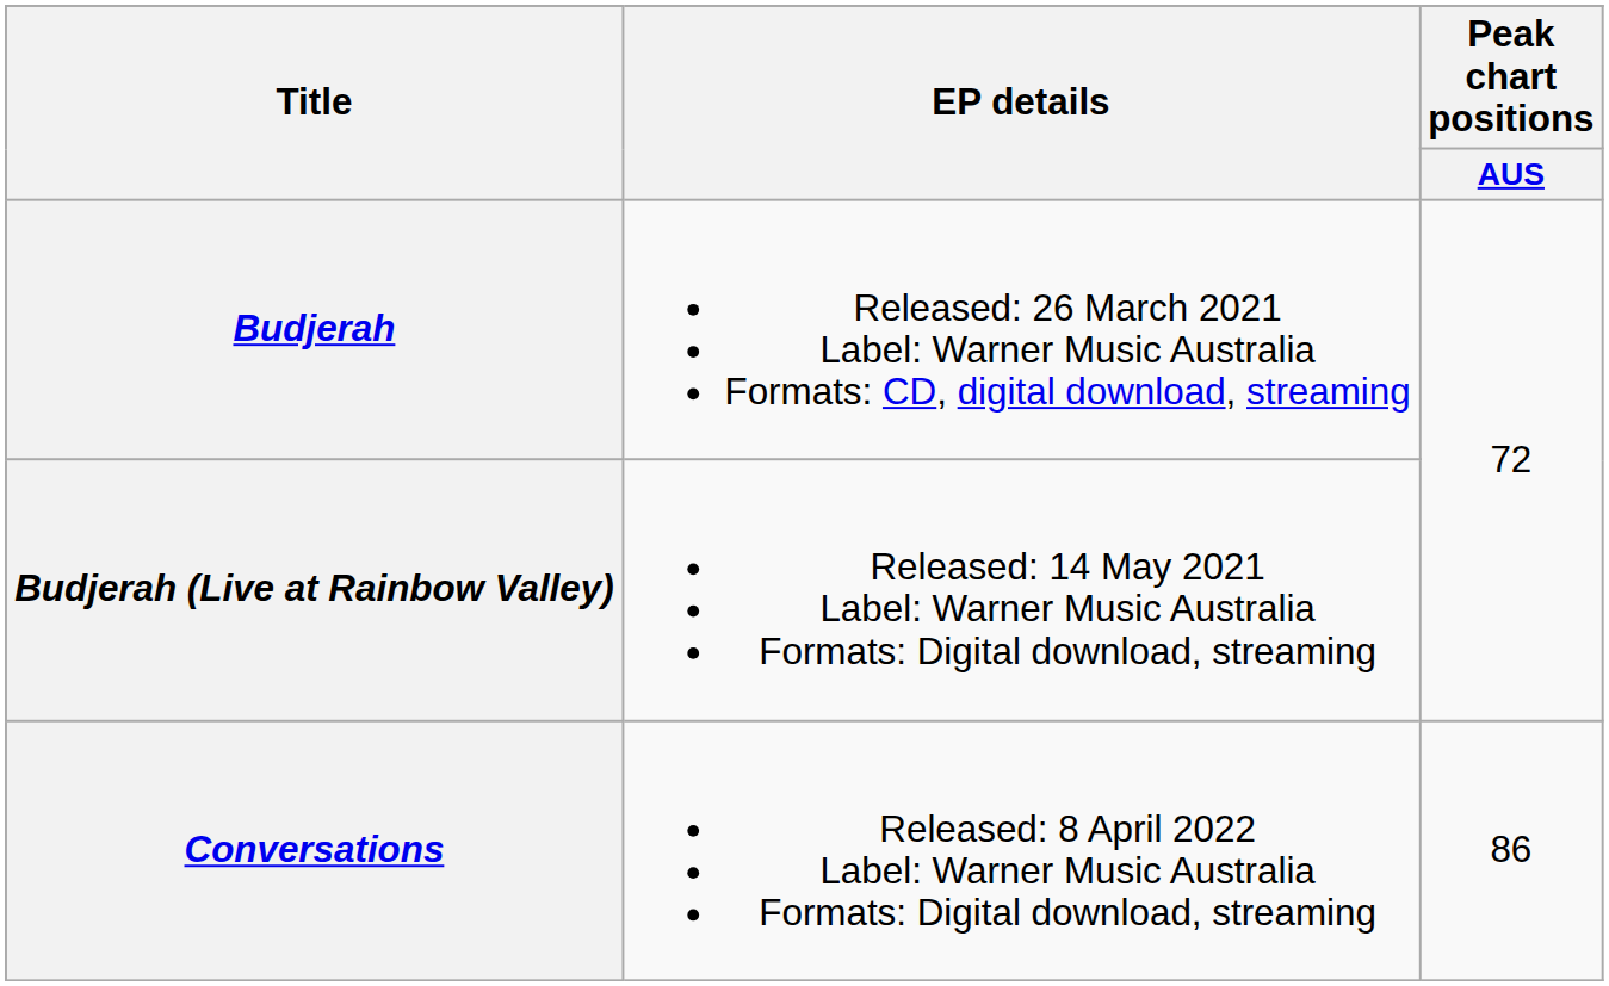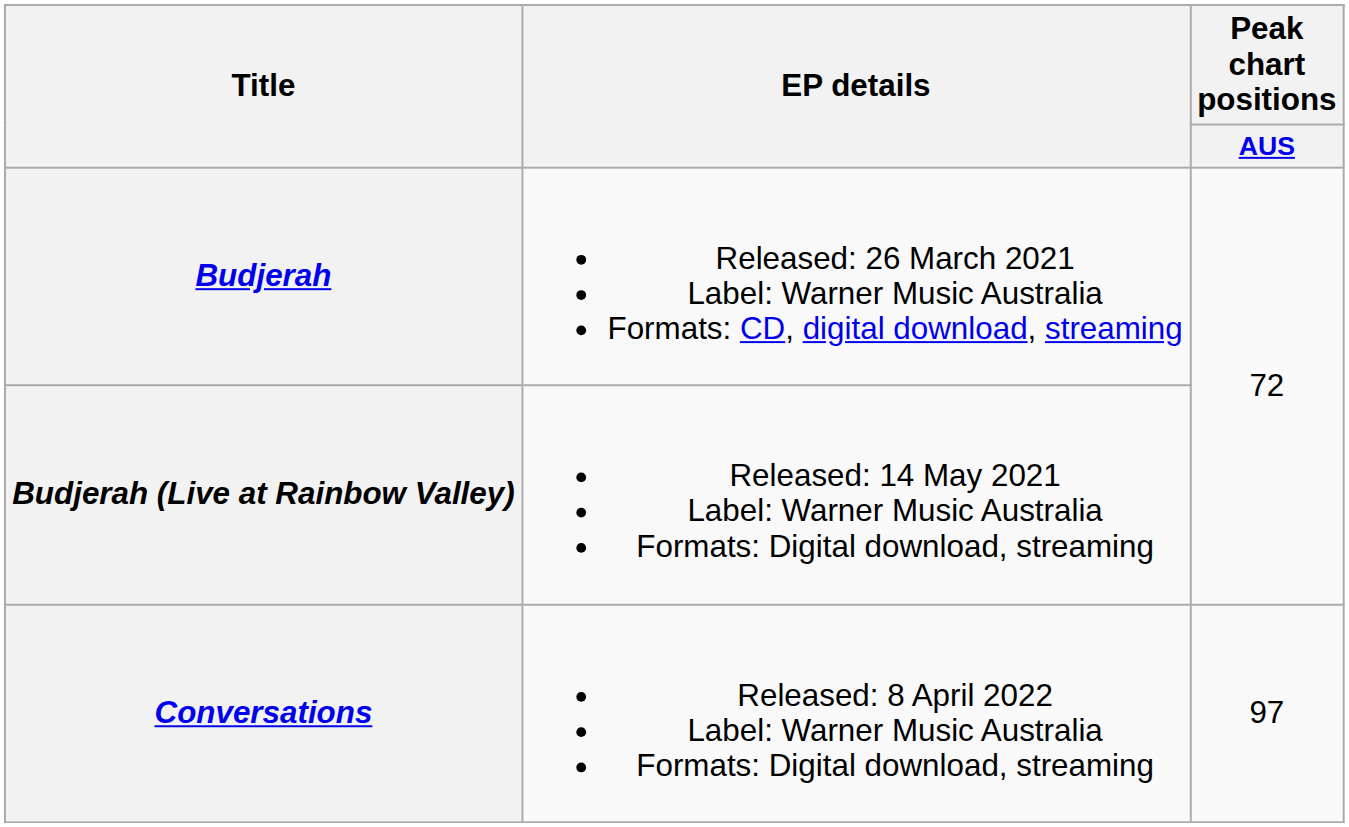 <table class="wikitable plainrowheaders" style="text-align:center;">
 <tr>
 <th scope="col" rowspan="2">Title</th>
 <th scope="col" rowspan="2">EP details</th>
 <th scope="col" colspan="1">Peak chart positions</th>
 </tr>
 <tr>
 <th scope="col" style="width:3em;font-size:85%;"><a href='#'>AUS</a><br></th>
 </tr>
 <tr>
 <th scope="row"><em><a href='#'>Budjerah</a></em></th>
 <td><br><ul><li>Released: 26 March 2021</li><li>Label: Warner Music Australia</li><li>Formats: <a href='#'>CD</a>, <a href='#'>digital download</a>, <a href='#'>streaming</a></li></ul></td>
 <td rowspan="2">72</td>
 </tr>
 <tr>
 <th scope="row"><em>Budjerah (Live at Rainbow Valley)</em></th>
 <td><br><ul><li>Released: 14 May 2021</li><li>Label: Warner Music Australia</li><li>Formats: Digital download, streaming</li></ul></td>
 </tr>
 <tr>
 <th scope="row"><em><a href='#'>Conversations</a></em></th>
 <td><br><ul><li>Released: 8 April 2022</li><li>Label: Warner Music Australia</li><li>Formats: Digital download, streaming</li></ul></td>
-<td>86</td>
+<td>97</td>
 </tr>
 </table>
